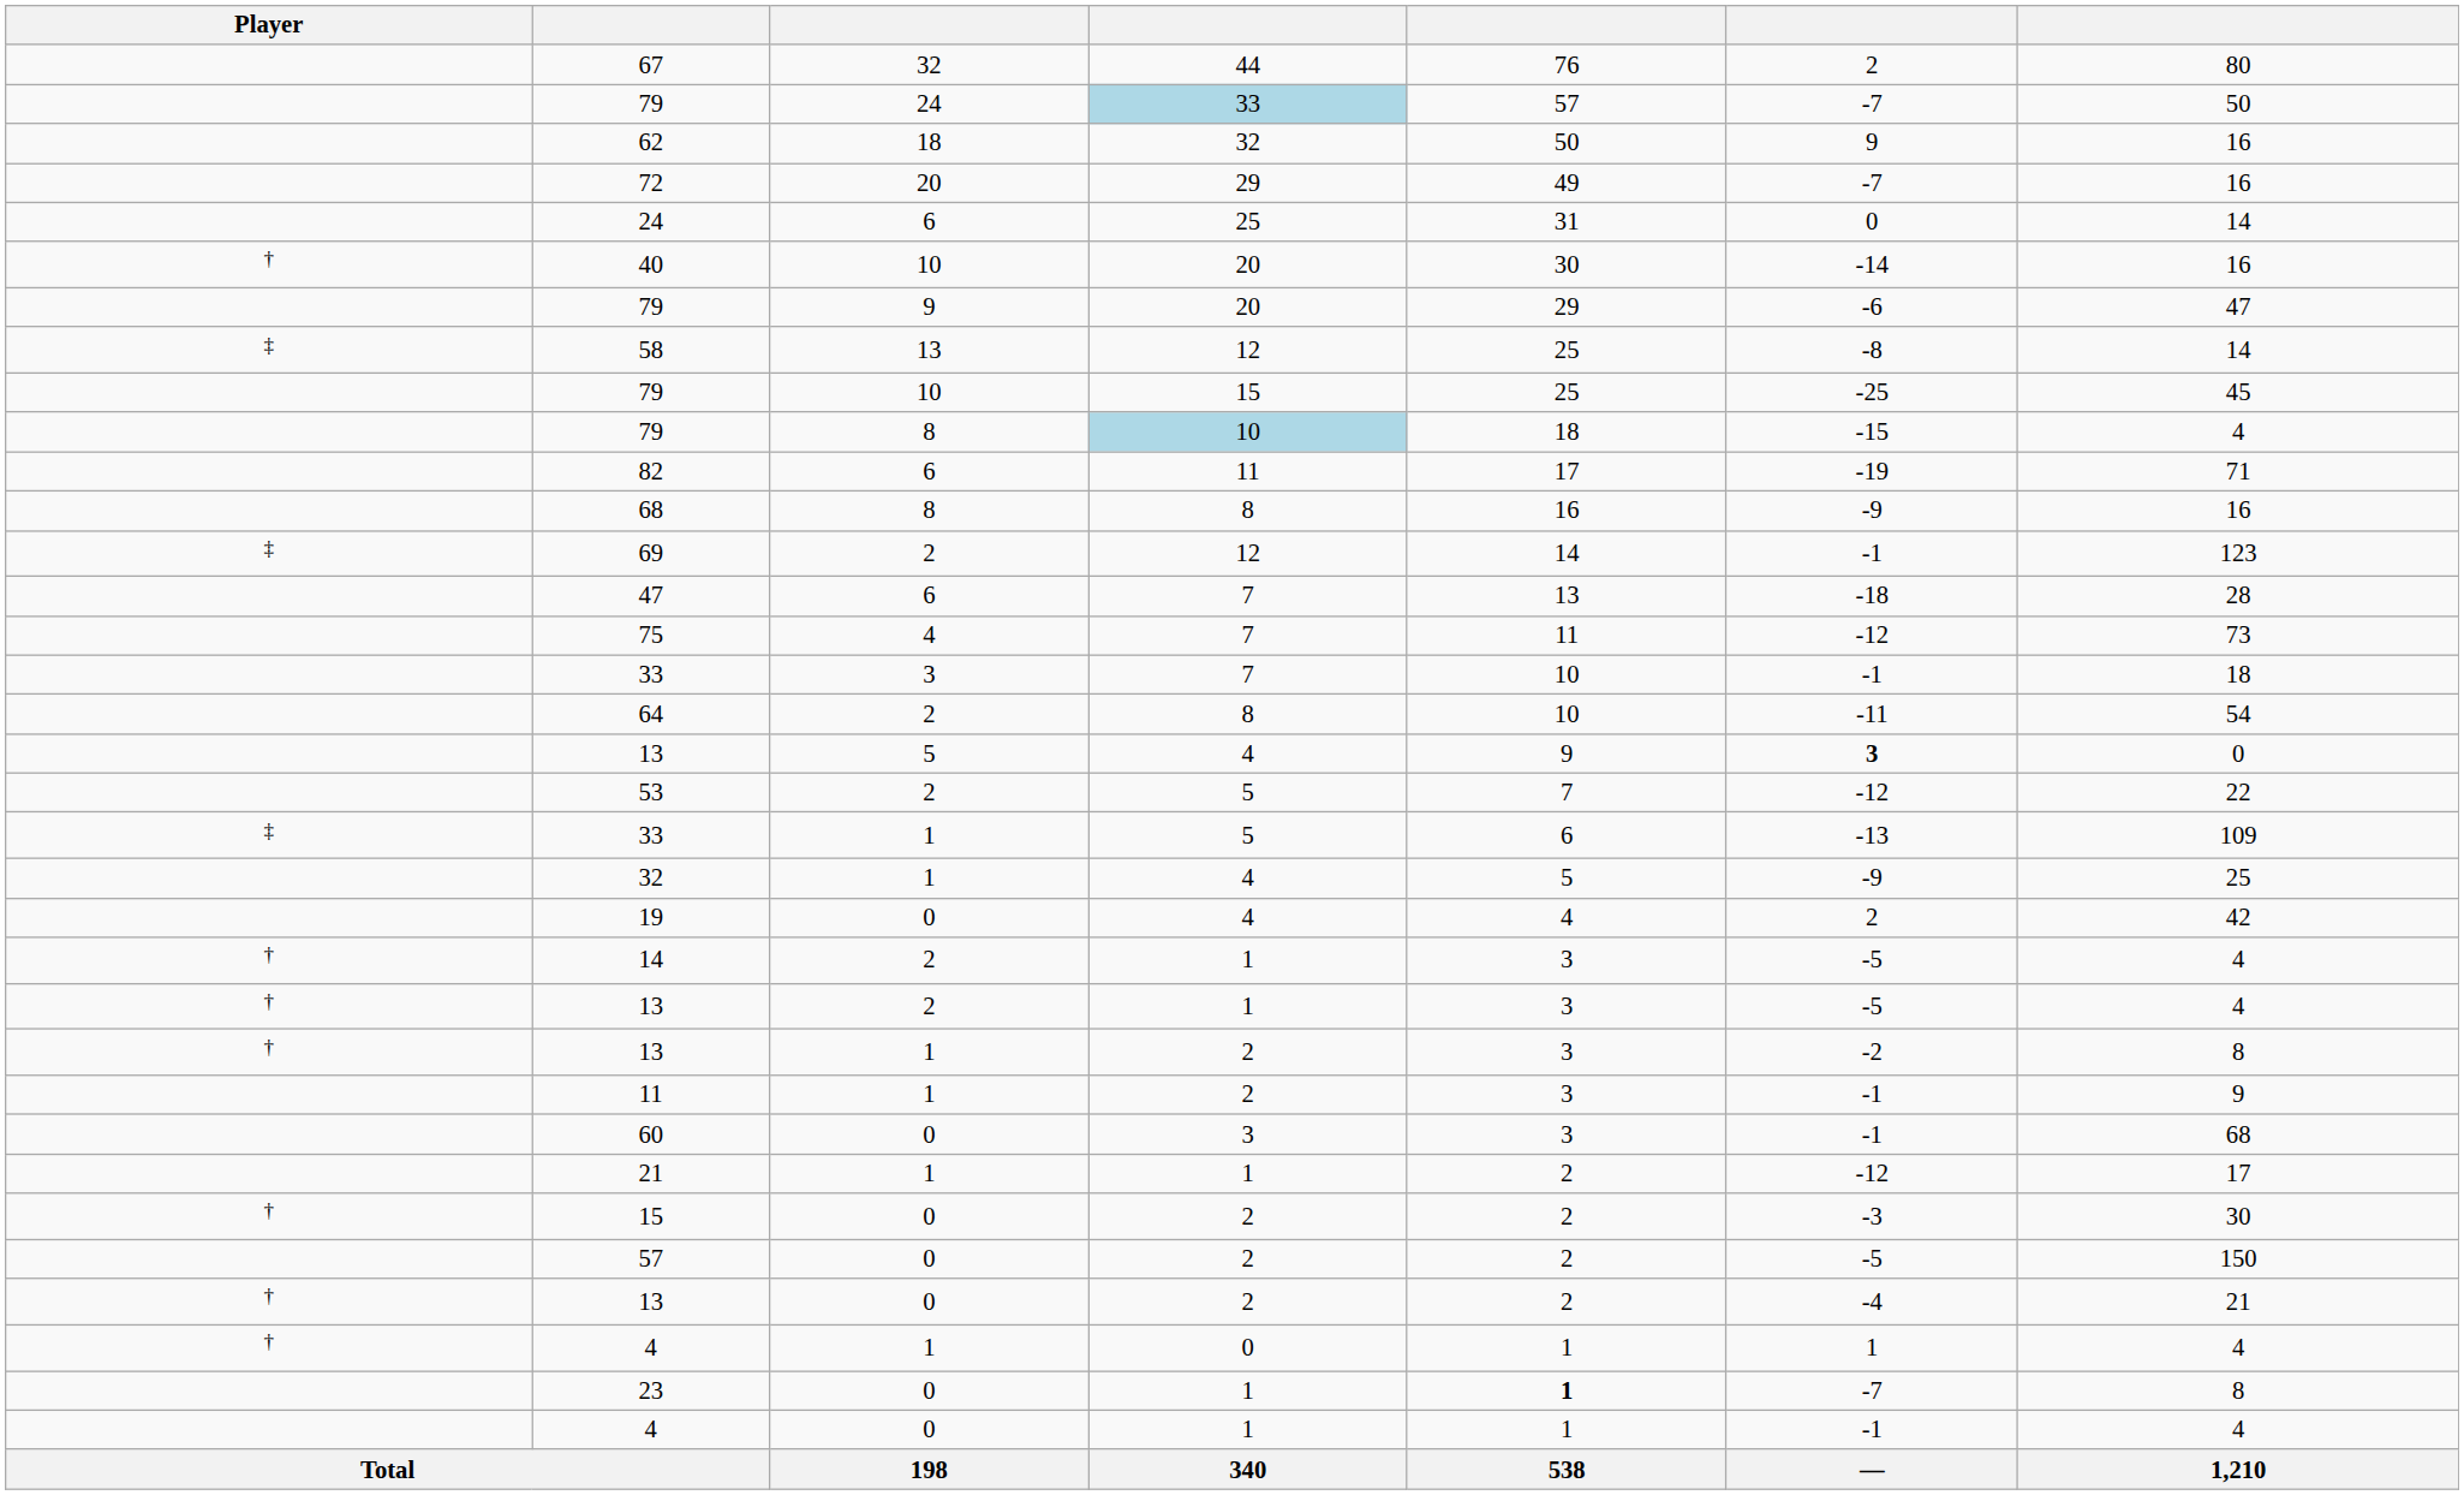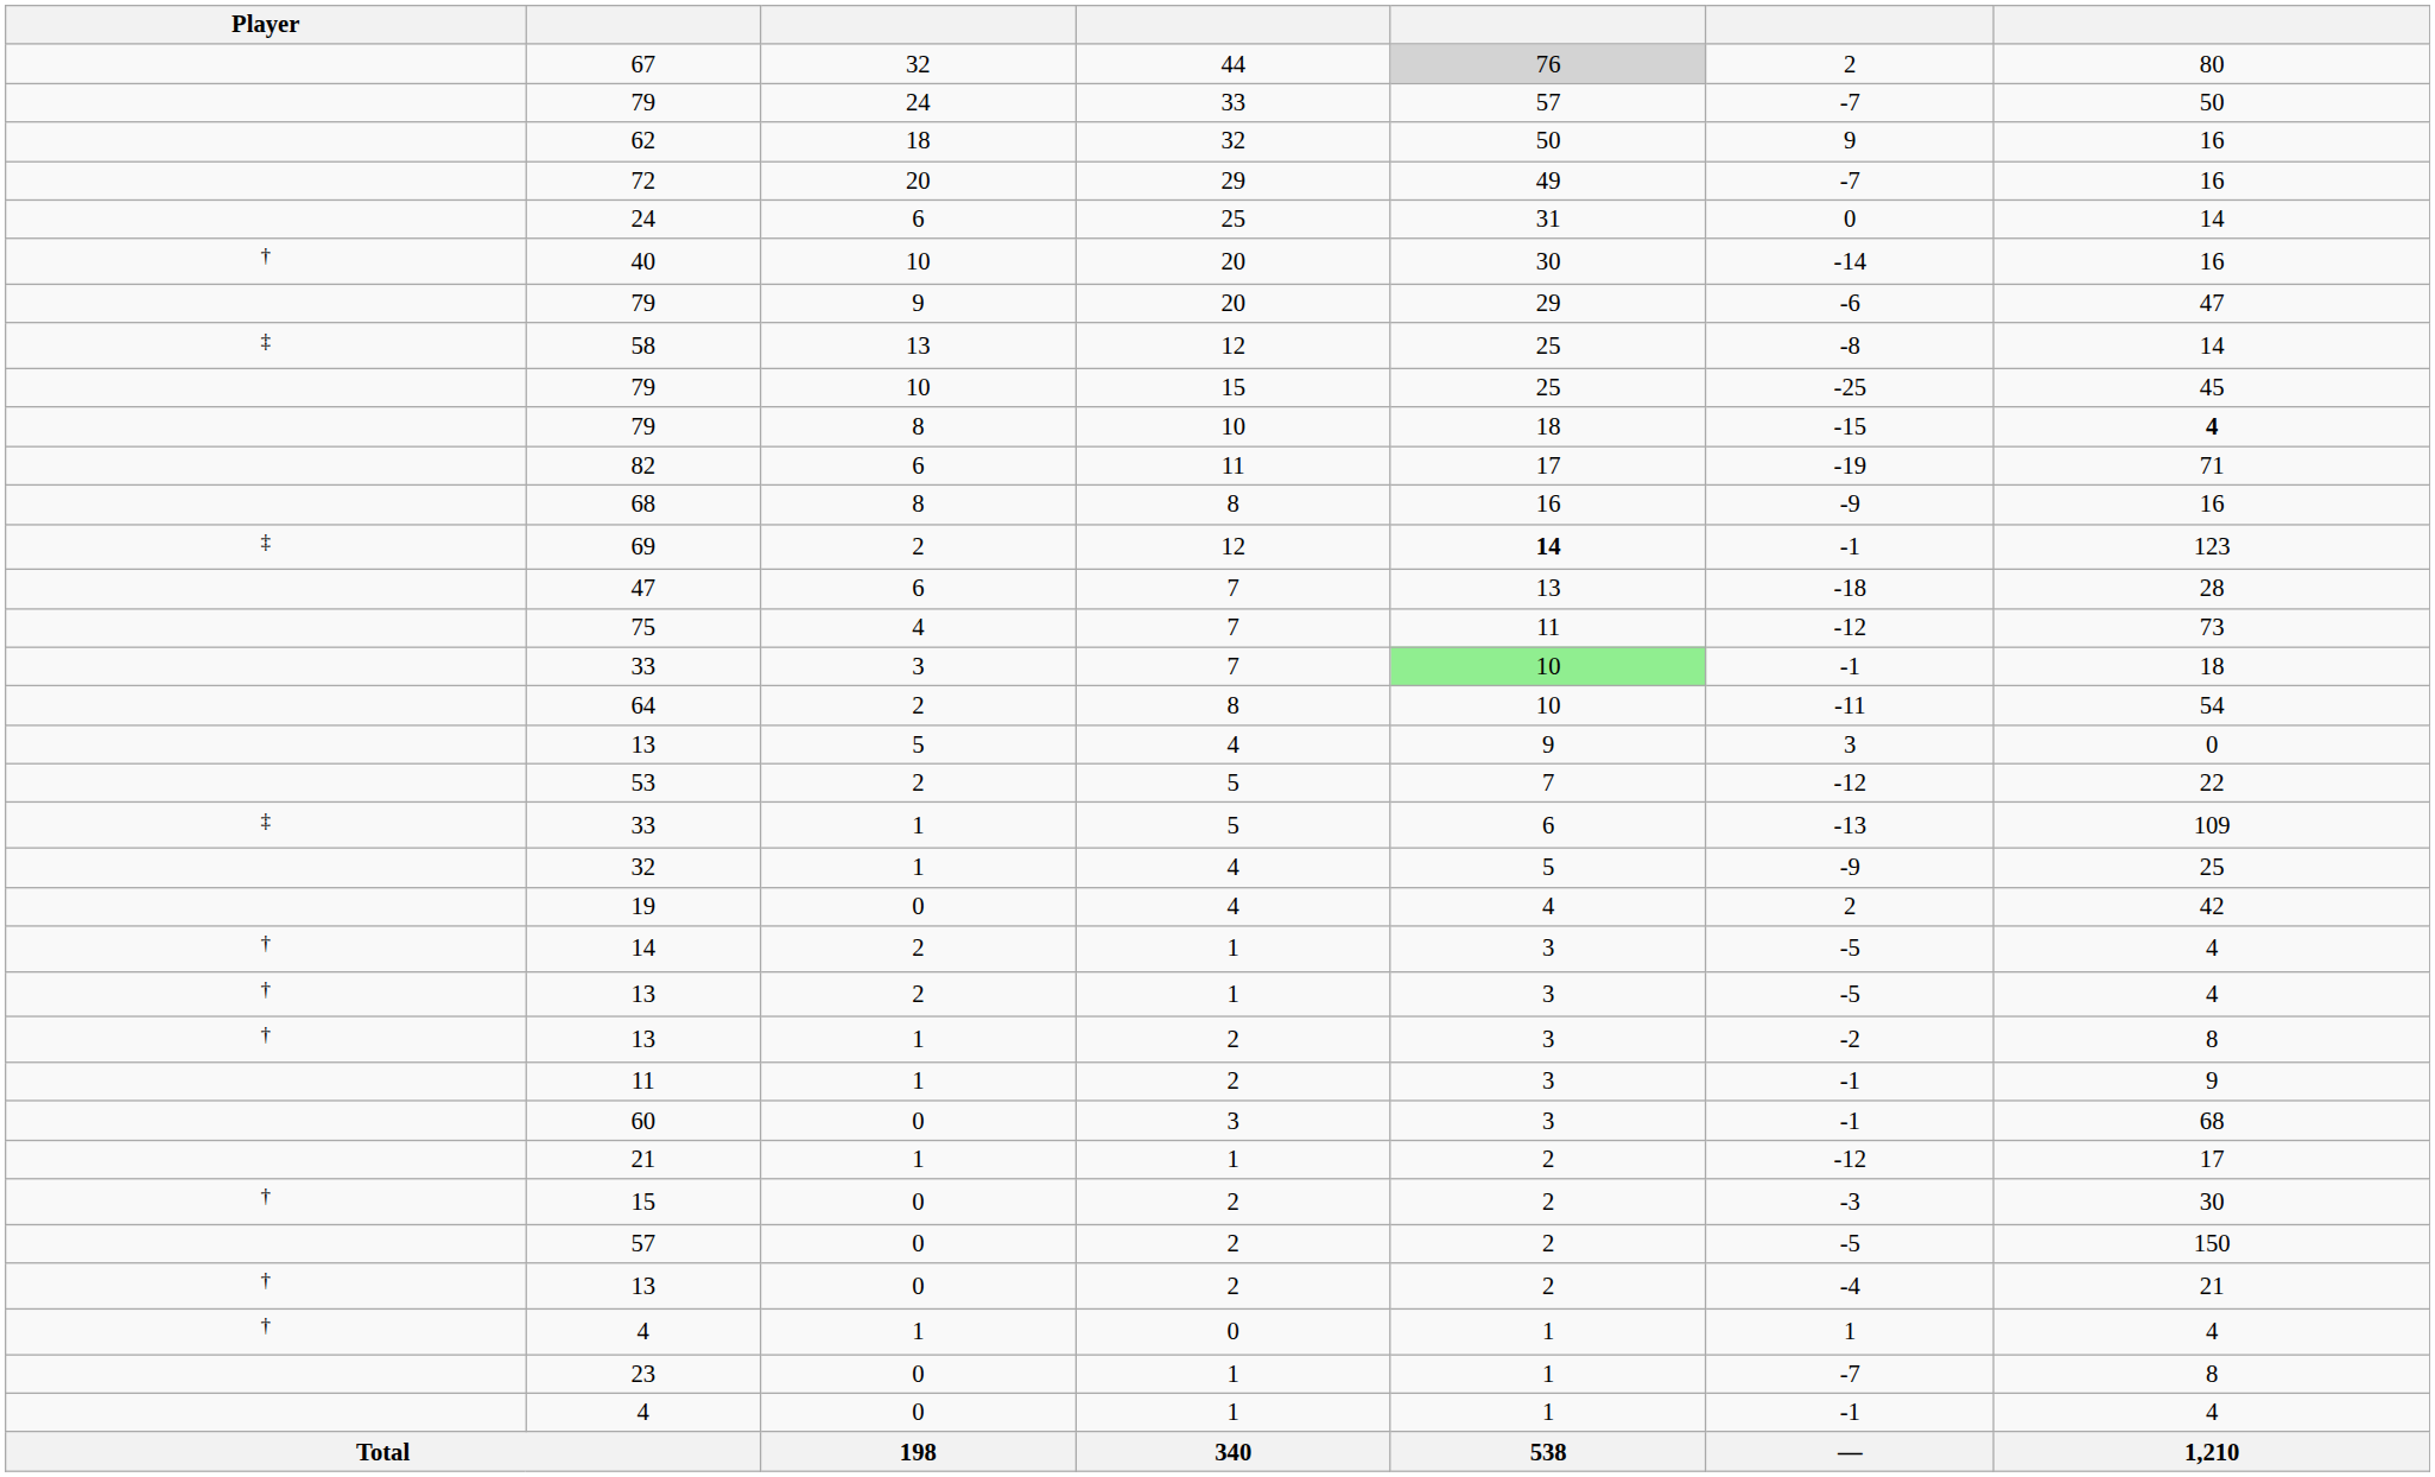 <table class="wikitable sortable" style="width:100%; text-align:center;">
 <tr align=center>
 <th>Player</th>
 <th></th>
 <th></th>
 <th></th>
 <th></th>
 <th data-sort-type="number"></th>
 <th></th>
 </tr>
 <tr>
 <td></td>
 <td>67</td>
 <td>32</td>
 <td>44</td>
-<td>76</td>
+<td style="background: lightgrey;">76</td>
 <td>2</td>
 <td>80</td>
 </tr>
 <tr>
 <td></td>
 <td>79</td>
 <td>24</td>
-<td style="background: lightblue;">33</td>
+<td>33</td>
 <td>57</td>
 <td>-7</td>
 <td>50</td>
 </tr>
 <tr>
 <td></td>
 <td>62</td>
 <td>18</td>
 <td>32</td>
 <td>50</td>
 <td>9</td>
 <td>16</td>
 </tr>
 <tr>
 <td></td>
 <td>72</td>
 <td>20</td>
 <td>29</td>
 <td>49</td>
 <td>-7</td>
 <td>16</td>
 </tr>
 <tr>
 <td></td>
 <td>24</td>
 <td>6</td>
 <td>25</td>
 <td>31</td>
 <td>0</td>
 <td>14</td>
 </tr>
 <tr>
 <td><sup>†</sup></td>
 <td>40</td>
 <td>10</td>
 <td>20</td>
 <td>30</td>
 <td>-14</td>
 <td>16</td>
 </tr>
 <tr>
 <td></td>
 <td>79</td>
 <td>9</td>
 <td>20</td>
 <td>29</td>
 <td>-6</td>
 <td>47</td>
 </tr>
 <tr>
 <td><sup>‡</sup></td>
 <td>58</td>
 <td>13</td>
 <td>12</td>
 <td>25</td>
 <td>-8</td>
 <td>14</td>
 </tr>
 <tr>
 <td></td>
 <td>79</td>
 <td>10</td>
 <td>15</td>
 <td>25</td>
 <td>-25</td>
 <td>45</td>
 </tr>
 <tr>
 <td></td>
 <td>79</td>
 <td>8</td>
-<td style="background: lightblue;">10</td>
+<td>10</td>
 <td>18</td>
 <td>-15</td>
-<td>4</td>
+<td><strong>4</strong></td>
 </tr>
 <tr>
 <td></td>
 <td>82</td>
 <td>6</td>
 <td>11</td>
 <td>17</td>
 <td>-19</td>
 <td>71</td>
 </tr>
 <tr>
 <td></td>
 <td>68</td>
 <td>8</td>
 <td>8</td>
 <td>16</td>
 <td>-9</td>
 <td>16</td>
 </tr>
 <tr>
 <td><sup>‡</sup></td>
 <td>69</td>
 <td>2</td>
 <td>12</td>
-<td>14</td>
+<td><strong>14</strong></td>
 <td>-1</td>
 <td>123</td>
 </tr>
 <tr>
 <td></td>
 <td>47</td>
 <td>6</td>
 <td>7</td>
 <td>13</td>
 <td>-18</td>
 <td>28</td>
 </tr>
 <tr>
 <td></td>
 <td>75</td>
 <td>4</td>
 <td>7</td>
 <td>11</td>
 <td>-12</td>
 <td>73</td>
 </tr>
 <tr>
 <td></td>
 <td>33</td>
 <td>3</td>
 <td>7</td>
-<td>10</td>
+<td style="background: lightgreen;">10</td>
 <td>-1</td>
 <td>18</td>
 </tr>
 <tr>
 <td></td>
 <td>64</td>
 <td>2</td>
 <td>8</td>
 <td>10</td>
 <td>-11</td>
 <td>54</td>
 </tr>
 <tr>
 <td></td>
 <td>13</td>
 <td>5</td>
 <td>4</td>
 <td>9</td>
-<td><strong>3</strong></td>
+<td>3</td>
 <td>0</td>
 </tr>
 <tr>
 <td></td>
 <td>53</td>
 <td>2</td>
 <td>5</td>
 <td>7</td>
 <td>-12</td>
 <td>22</td>
 </tr>
 <tr>
 <td><sup>‡</sup></td>
 <td>33</td>
 <td>1</td>
 <td>5</td>
 <td>6</td>
 <td>-13</td>
 <td>109</td>
 </tr>
 <tr>
 <td></td>
 <td>32</td>
 <td>1</td>
 <td>4</td>
 <td>5</td>
 <td>-9</td>
 <td>25</td>
 </tr>
 <tr>
 <td></td>
 <td>19</td>
 <td>0</td>
 <td>4</td>
 <td>4</td>
 <td>2</td>
 <td>42</td>
 </tr>
 <tr>
 <td><sup>†</sup></td>
 <td>14</td>
 <td>2</td>
 <td>1</td>
 <td>3</td>
 <td>-5</td>
 <td>4</td>
 </tr>
 <tr>
 <td><sup>†</sup></td>
 <td>13</td>
 <td>2</td>
 <td>1</td>
 <td>3</td>
 <td>-5</td>
 <td>4</td>
 </tr>
 <tr>
 <td><sup>†</sup></td>
 <td>13</td>
 <td>1</td>
 <td>2</td>
 <td>3</td>
 <td>-2</td>
 <td>8</td>
 </tr>
 <tr>
 <td></td>
 <td>11</td>
 <td>1</td>
 <td>2</td>
 <td>3</td>
 <td>-1</td>
 <td>9</td>
 </tr>
 <tr>
 <td></td>
 <td>60</td>
 <td>0</td>
 <td>3</td>
 <td>3</td>
 <td>-1</td>
 <td>68</td>
 </tr>
 <tr>
 <td></td>
 <td>21</td>
 <td>1</td>
 <td>1</td>
 <td>2</td>
 <td>-12</td>
 <td>17</td>
 </tr>
 <tr>
 <td><sup>†</sup></td>
 <td>15</td>
 <td>0</td>
 <td>2</td>
 <td>2</td>
 <td>-3</td>
 <td>30</td>
 </tr>
 <tr>
 <td></td>
 <td>57</td>
 <td>0</td>
 <td>2</td>
 <td>2</td>
 <td>-5</td>
 <td>150</td>
 </tr>
 <tr>
 <td><sup>†</sup></td>
 <td>13</td>
 <td>0</td>
 <td>2</td>
 <td>2</td>
 <td>-4</td>
 <td>21</td>
 </tr>
 <tr>
 <td><sup>†</sup></td>
 <td>4</td>
 <td>1</td>
 <td>0</td>
 <td>1</td>
 <td>1</td>
 <td>4</td>
 </tr>
 <tr>
 <td></td>
 <td>23</td>
 <td>0</td>
 <td>1</td>
-<td><strong>1</strong></td>
+<td>1</td>
 <td>-7</td>
 <td>8</td>
 </tr>
 <tr>
 <td></td>
 <td>4</td>
 <td>0</td>
 <td>1</td>
 <td>1</td>
 <td>-1</td>
 <td>4</td>
 </tr>
 <tr class="sortbottom">
 <th colspan=2>Total</th>
 <th>198</th>
 <th>340</th>
 <th>538</th>
 <th>—</th>
 <th>1,210</th>
 </tr>
 </table>
